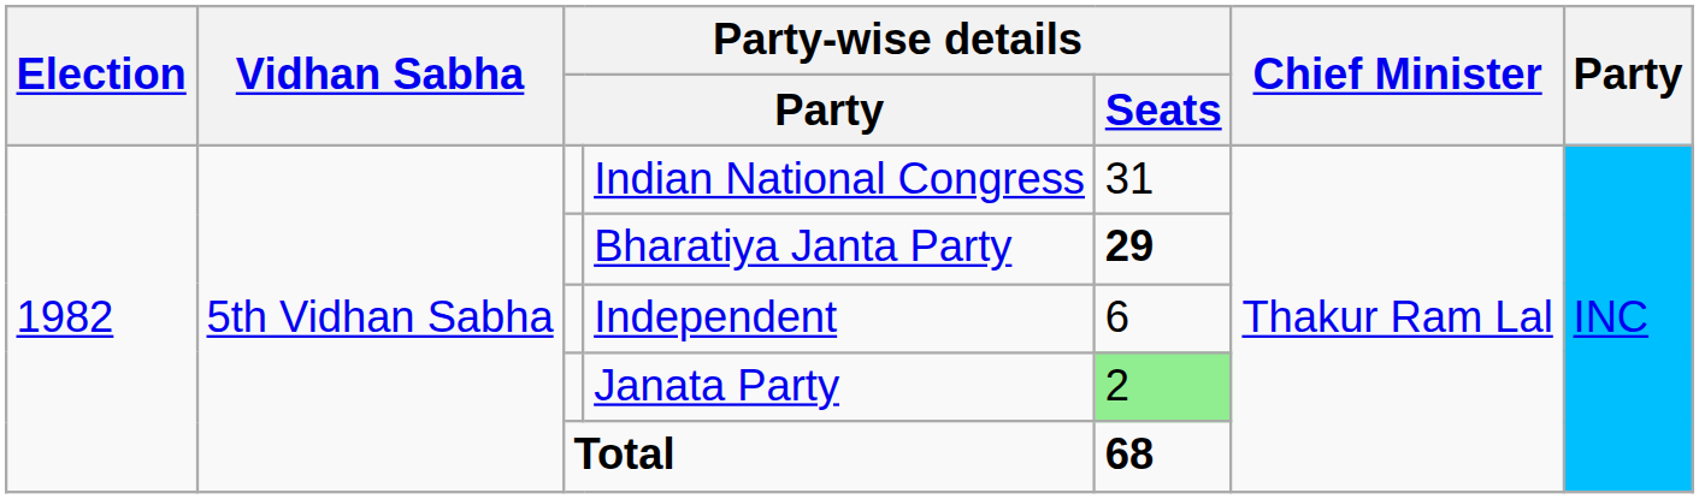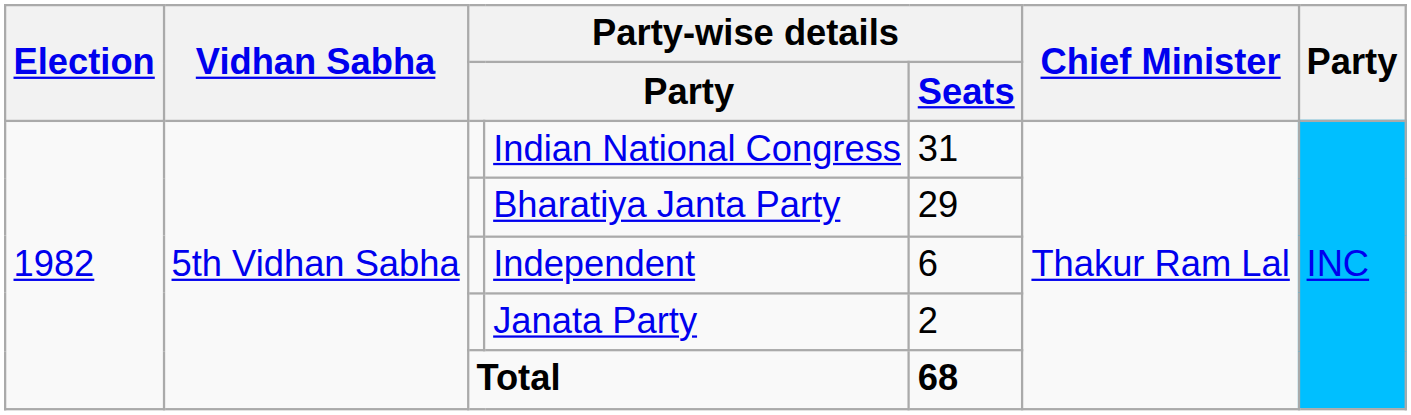 <table class="wikitable sortable">
 <tr>
 <th rowspan="2"><a href='#'>Election</a></th>
 <th rowspan="2"><a href='#'>Vidhan Sabha</a></th>
 <th colspan="3">Party-wise details</th>
 <th rowspan="2"><a href='#'>Chief Minister</a></th>
 <th rowspan="2">Party</th>
 </tr>
 <tr>
 <th colspan="2">Party</th>
 <th><a href='#'>Seats</a></th>
 </tr>
 <tr>
 <td rowspan="5"><a href='#'>1982</a></td>
 <td rowspan="5"><a href='#'>5th Vidhan Sabha</a></td>
 <td style="background-color: "></td>
 <td><a href='#'>Indian National Congress</a></td>
 <td>31</td>
 <td rowspan="5"><a href='#'>Thakur Ram Lal</a></td>
 <td rowspan="5" bgcolor=#00BFFF><a href='#'>INC</a></td>
 </tr>
 <tr>
 <td style="background-color: "></td>
 <td><a href='#'>Bharatiya Janta Party</a></td>
-<td><strong>29</strong></td>
+<td>29</td>
 </tr>
 <tr>
 <td style="background-color: "></td>
 <td><a href='#'>Independent</a></td>
 <td>6</td>
 </tr>
 <tr>
 <td style="background-color: "></td>
 <td><a href='#'>Janata Party</a></td>
-<td style="background: lightgreen;">2</td>
+<td>2</td>
 </tr>
 <tr>
 <td colspan="2"><strong>Total</strong></td>
 <td><strong>68</strong></td>
 </tr>
 </table>
